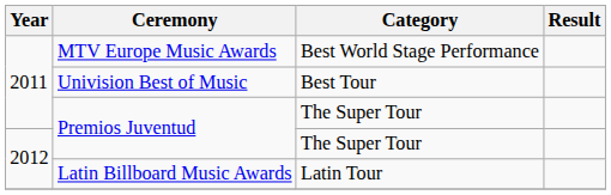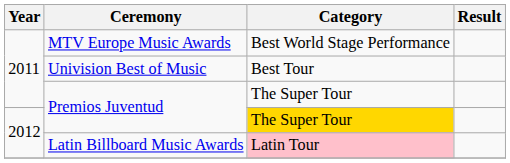 <table class="wikitable sortable">
 <tr>
 <th>Year</th>
 <th>Ceremony</th>
 <th>Category</th>
 <th>Result</th>
 </tr>
 <tr>
 <td rowspan=3>2011</td>
 <td><a href='#'>MTV Europe Music Awards</a></td>
 <td>Best World Stage Performance</td>
 <td></td>
 </tr>
 <tr>
 <td><a href='#'>Univision Best of Music</a></td>
 <td>Best Tour</td>
 <td></td>
 </tr>
 <tr>
 <td rowspan=2><a href='#'>Premios Juventud</a></td>
 <td>The Super Tour</td>
 <td></td>
 </tr>
 <tr>
 <td rowspan=2>2012</td>
-<td>The Super Tour</td>
+<td style="background: gold;">The Super Tour</td>
 <td></td>
 </tr>
 <tr>
 <td><a href='#'>Latin Billboard Music Awards</a></td>
-<td>Latin Tour</td>
+<td style="background: pink;">Latin Tour</td>
 <td></td>
 </tr>
 <tr>
 </tr>
 </table>
